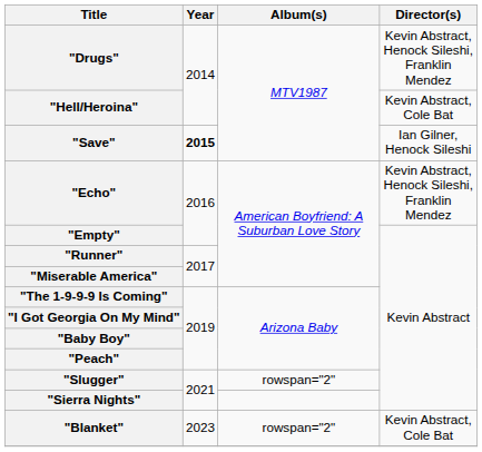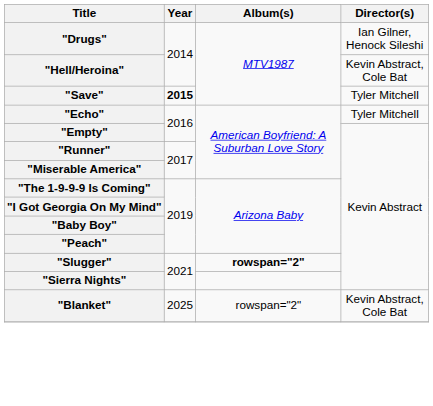 <table class="wikitable plainrowheaders" style="text-align:center;">
 <tr>
 <th scope="col">Title</th>
 <th scope="col" style="width:2em;">Year</th>
 <th scope="col" style="width:12em;">Album(s)</th>
 <th scope="col" style="width:7em;">Director(s)</th>
 </tr>
 <tr>
 <th scope="row">"Drugs"</th>
 <td rowspan="2">2014</td>
 <td rowspan="3"><em><a href='#'>MTV1987</a></em></td>
-<td>Kevin Abstract, Henock Sileshi, Franklin Mendez</td>
+<td>Ian Gilner, Henock Sileshi</td>
 </tr>
 <tr>
 <th scope="row">"Hell/Heroina"</th>
 <td>Kevin Abstract, Cole Bat</td>
 </tr>
 <tr>
 <th scope="row">"Save"</th>
 <td><strong>2015</strong></td>
-<td>Ian Gilner, Henock Sileshi</td>
+<td>Tyler Mitchell</td>
 </tr>
 <tr>
 <th scope="row">"Echo"</th>
 <td rowspan="2">2016</td>
 <td rowspan="4"><em><a href='#'>American Boyfriend: A Suburban Love Story</a></em></td>
-<td>Kevin Abstract, Henock Sileshi, Franklin Mendez</td>
+<td>Tyler Mitchell</td>
 </tr>
 <tr>
 <th scope="row">"Empty"</th>
 <td rowspan="9">Kevin Abstract</td>
 </tr>
 <tr>
 <th scope="row">"Runner"</th>
 <td rowspan="2">2017</td>
 </tr>
 <tr>
 <th scope="row">"Miserable America"</th>
 </tr>
 <tr>
 <th scope="row">"The 1-9-9-9 Is Coming"</th>
 <td rowspan="4">2019</td>
 <td rowspan="4"><em><a href='#'>Arizona Baby</a></em></td>
 </tr>
 <tr>
 <th scope="row">"I Got Georgia On My Mind"</th>
 </tr>
 <tr>
 <th scope="row">"Baby Boy"</th>
 </tr>
 <tr>
 <th scope="row">"Peach"</th>
 </tr>
 <tr>
 <th scope="row">"Slugger"<br></th>
 <td rowspan="2">2021</td>
-<td>rowspan="2" </td>
+<td><strong>rowspan="2" </strong></td>
 </tr>
 <tr>
 <th scope="row">"Sierra Nights"<br></th>
 </tr>
 <tr>
 <th scope="row">"Blanket"</th>
-<td rowspan="1">2023</td>
+<td rowspan="1">2025</td>
 <td>rowspan="2" </td>
 <td>Kevin Abstract, Cole Bat</td>
 </tr>
 <tr>
 </tr>
 </table>
